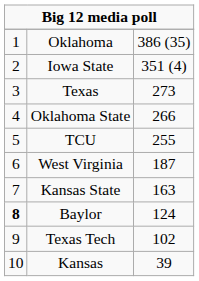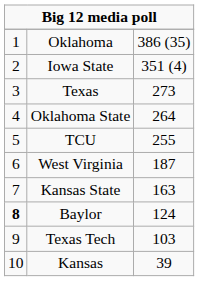 <table class="wikitable" style="display: inline-table;">
 <tr>
 <td align="center" Colspan="3"><strong>Big 12 media poll</strong></td>
 </tr>
 <tr align="center">
 </tr>
 <tr align="center">
 <td>1</td>
 <td>Oklahoma</td>
 <td>386 (35)</td>
 </tr>
 <tr align="center">
 <td>2</td>
 <td>Iowa State</td>
 <td>351 (4)</td>
 </tr>
 <tr align="center">
 <td>3</td>
 <td>Texas</td>
 <td>273</td>
 </tr>
 <tr align="center">
 <td>4</td>
 <td>Oklahoma State</td>
-<td>266</td>
+<td>264</td>
 </tr>
 <tr align="center">
 <td>5</td>
 <td>TCU</td>
 <td>255</td>
 </tr>
 <tr align="center">
 <td>6</td>
 <td>West Virginia</td>
 <td>187</td>
 </tr>
 <tr align="center">
 <td>7</td>
 <td>Kansas State</td>
 <td>163</td>
 </tr>
 <tr align="center">
 <td><strong>8</strong></td>
 <td>Baylor</td>
 <td>124</td>
 </tr>
 <tr align="center">
 <td>9</td>
 <td>Texas Tech</td>
-<td>102</td>
+<td>103</td>
 </tr>
 <tr align="center">
 <td>10</td>
 <td>Kansas</td>
 <td>39</td>
 </tr>
 </table>
